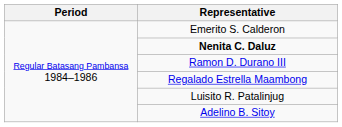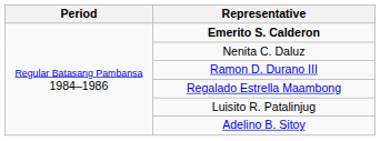 <table class="wikitable" style="text-align:center; width:40%;">
 <tr>
 <th width="40%">Period</th>
 <th>Representative</th>
 </tr>
 <tr>
 <td rowspan="6"><small><a href='#'>Regular Batasang Pambansa</a></small><br>1984–1986</td>
-<td>Emerito S. Calderon</td>
+<td><strong>Emerito S. Calderon</strong></td>
 </tr>
 <tr>
-<td><strong>Nenita C. Daluz</strong></td>
+<td>Nenita C. Daluz</td>
 </tr>
 <tr>
 <td><a href='#'>Ramon D. Durano III</a></td>
 </tr>
 <tr>
 <td><a href='#'>Regalado Estrella Maambong</a></td>
 </tr>
 <tr>
 <td>Luisito R. Patalinjug</td>
 </tr>
 <tr>
 <td><a href='#'>Adelino B. Sitoy</a></td>
 </tr>
 </table>
